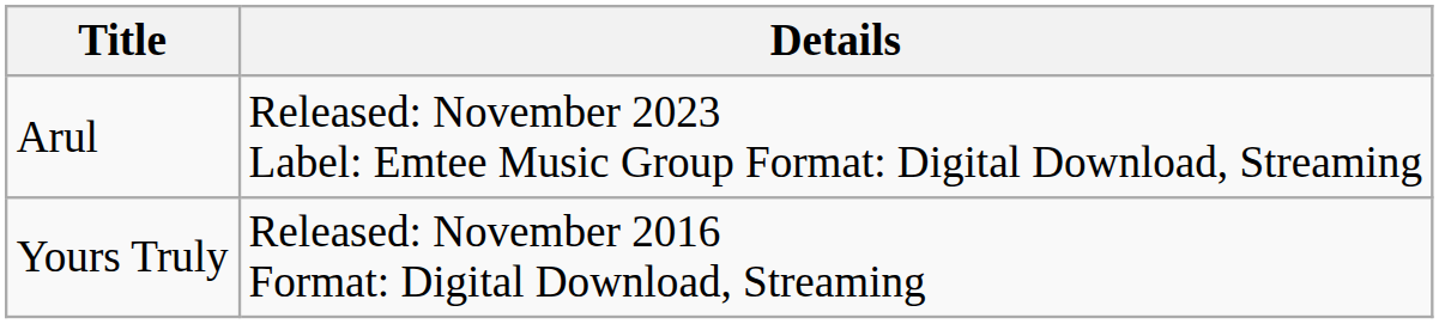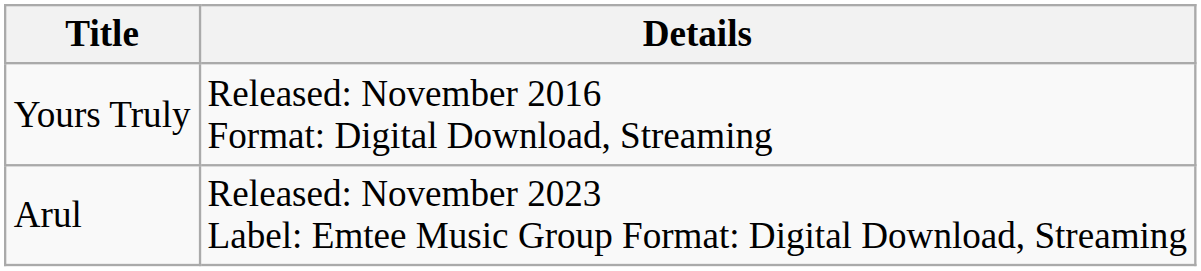 <table class="wikitable">
 <tr>
 <th><strong>Title</strong></th>
 <th><strong>Details</strong></th>
 </tr>
 <tr>
+<td>Yours Truly</td>
+<td>Released: November 2016<br>Format: Digital Download, Streaming</td>
+</tr>
+<tr>
 <td>Arul</td>
 <td>Released: November 2023<br>Label: Emtee Music Group Format: Digital Download, Streaming</td>
 </tr>
-<tr>
-<td>Yours Truly</td>
-<td>Released: November 2016<br>Format: Digital Download, Streaming</td>
-</tr>
 </table>
